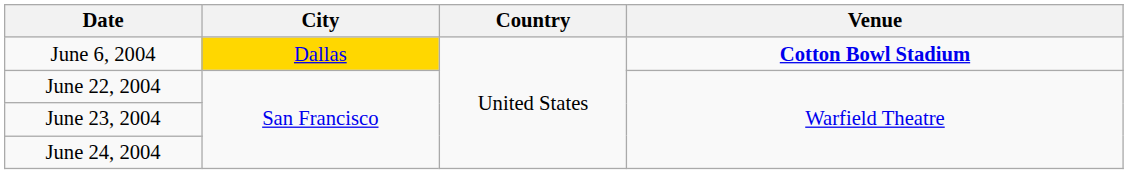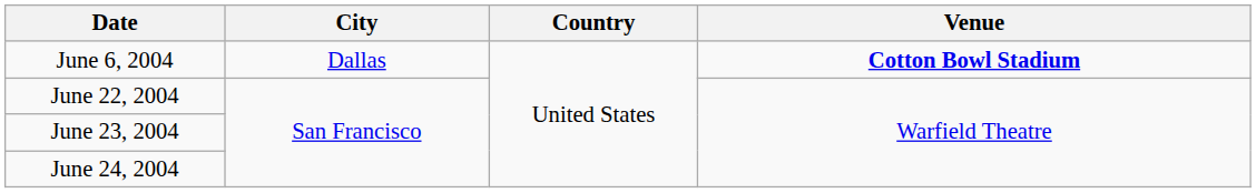 <table class="wikitable sortable plainrowheaders" style="text-align:center;">
 <tr>
 <th scope="col" style="width:11em;">Date</th>
 <th scope="col" style="width:13em;">City</th>
 <th scope="col" style="width:10em;">Country</th>
 <th scope="col" style="width:29em;">Venue</th>
 </tr>
 <tr>
 <td>June 6, 2004</td>
-<td style="background: gold;"><a href='#'>Dallas</a></td>
+<td><a href='#'>Dallas</a></td>
 <td rowspan="4">United States</td>
 <td><strong><a href='#'>Cotton Bowl Stadium</a></strong></td>
 </tr>
 <tr>
 <td>June 22, 2004</td>
 <td rowspan="3"><a href='#'>San Francisco</a></td>
 <td rowspan="3"><a href='#'>Warfield Theatre</a></td>
 </tr>
 <tr>
 <td>June 23, 2004</td>
 </tr>
 <tr>
 <td>June 24, 2004</td>
 </tr>
 </table>
